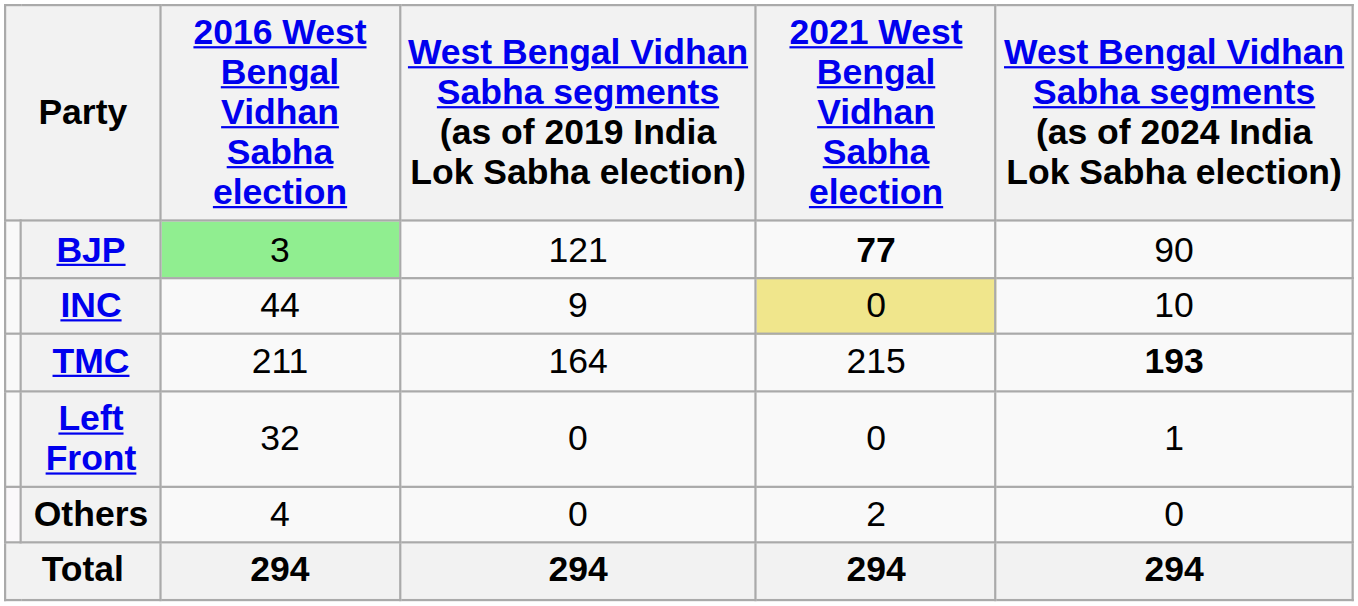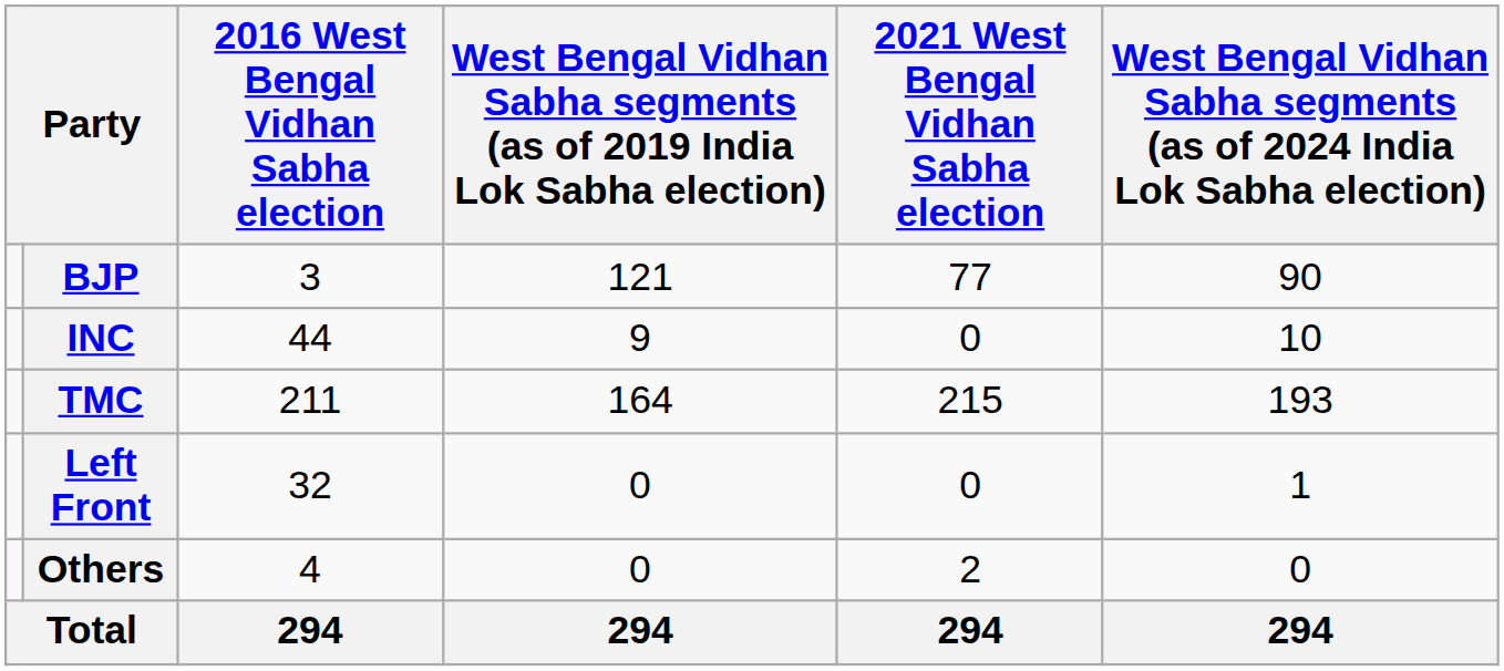 <table class="wikitable" style="text-align:center">
 <tr>
 <th colspan=2>Party</th>
 <th><a href='#'>2016 West Bengal Vidhan Sabha election</a></th>
 <th><a href='#'>West Bengal Vidhan Sabha segments</a> (as of 2019 India Lok Sabha election)</th>
 <th><a href='#'>2021 West Bengal Vidhan Sabha election</a></th>
 <th><a href='#'>West Bengal Vidhan Sabha segments</a> (as of 2024 India Lok Sabha election)</th>
 </tr>
 <tr>
 <td></td>
 <th><a href='#'>BJP</a></th>
-<td style="background: lightgreen;">3</td>
+<td>3</td>
 <td>121</td>
-<td><strong>77</strong></td>
+<td>77</td>
 <td>90</td>
 </tr>
 <tr>
 <td></td>
 <th><a href='#'>INC</a></th>
 <td>44</td>
 <td>9</td>
-<td style="background: khaki;">0</td>
+<td>0</td>
 <td>10</td>
 </tr>
 <tr>
 <td></td>
 <th><a href='#'>TMC</a></th>
 <td>211</td>
 <td>164</td>
 <td>215</td>
-<td><strong>193</strong></td>
+<td>193</td>
 </tr>
 <tr>
 <td></td>
 <th><a href='#'>Left Front</a></th>
 <td>32</td>
 <td>0</td>
 <td>0</td>
 <td>1</td>
 </tr>
 <tr>
 <td bgcolor=#FAF8FA></td>
 <th>Others</th>
 <td>4</td>
 <td>0</td>
 <td>2</td>
 <td>0</td>
 </tr>
 <tr>
 <th colspan=2>Total</th>
 <th cplspan=3>294</th>
 <th cplspan=3>294</th>
 <th cplspan=4>294</th>
 <th cplspan=5>294</th>
 </tr>
 </table>
